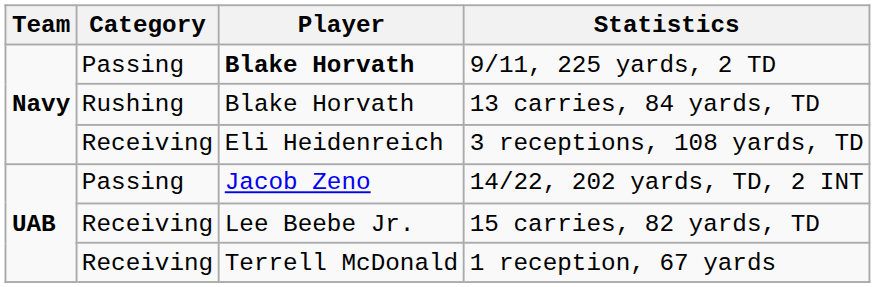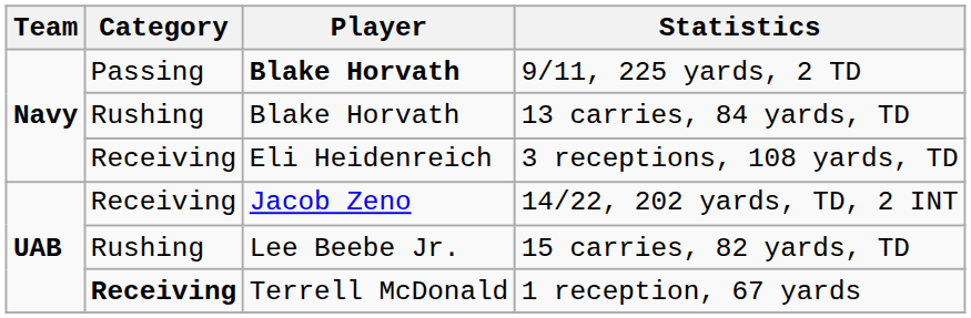 <table class="wikitable" style="float: right;">
 <tr>
 <th>Team</th>
 <th>Category</th>
 <th>Player</th>
 <th>Statistics</th>
 </tr>
 <tr>
 <td rowspan=3><strong>Navy</strong></td>
 <td>Passing</td>
 <td><strong>Blake Horvath</strong></td>
 <td>9/11, 225 yards, 2 TD</td>
 </tr>
 <tr>
 <td>Rushing</td>
 <td>Blake Horvath</td>
 <td>13 carries, 84 yards, TD</td>
 </tr>
 <tr>
 <td>Receiving</td>
 <td>Eli Heidenreich</td>
 <td>3 receptions, 108 yards, TD</td>
 </tr>
 <tr>
 <td rowspan=3><strong>UAB</strong></td>
-<td>Passing</td>
+<td>Receiving</td>
 <td><a href='#'>Jacob Zeno</a></td>
 <td>14/22, 202 yards, TD, 2 INT</td>
 </tr>
 <tr>
-<td>Receiving</td>
+<td>Rushing</td>
 <td>Lee Beebe Jr.</td>
 <td>15 carries, 82 yards, TD</td>
 </tr>
 <tr>
-<td>Receiving</td>
+<td><strong>Receiving</strong></td>
 <td>Terrell McDonald</td>
 <td>1 reception, 67 yards</td>
 </tr>
 </table>
